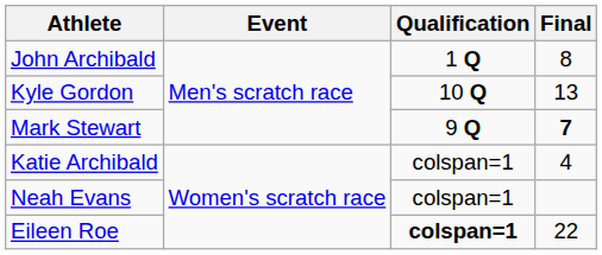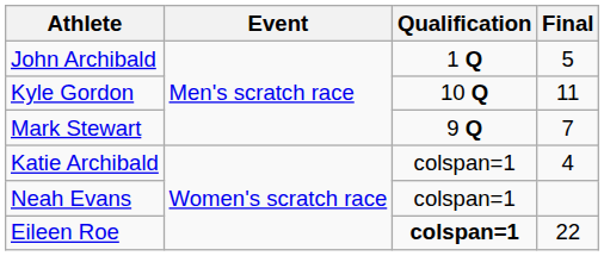 <table class="wikitable" style="font-size:90%;">
 <tr>
 <th>Athlete</th>
 <th>Event</th>
 <th>Qualification</th>
 <th>Final</th>
 </tr>
 <tr align=center>
 <td align=left><a href='#'>John Archibald</a></td>
 <td style="text-align:left;" rowspan="3"><a href='#'>Men's scratch race</a></td>
 <td>1 <strong>Q</strong></td>
-<td>8</td>
+<td>5</td>
 </tr>
 <tr align=center>
 <td align=left><a href='#'>Kyle Gordon</a></td>
 <td>10 <strong>Q</strong></td>
-<td>13</td>
+<td>11</td>
 </tr>
 <tr align=center>
 <td align=left><a href='#'>Mark Stewart</a></td>
 <td>9 <strong>Q</strong></td>
-<td><strong>7</strong></td>
+<td>7</td>
 </tr>
 <tr align=center>
 <td align=left><a href='#'>Katie Archibald</a></td>
 <td style="text-align:left;" rowspan="3"><a href='#'>Women's scratch race</a></td>
 <td>colspan=1 </td>
 <td>4</td>
 </tr>
 <tr align=center>
 <td align=left><a href='#'>Neah Evans</a></td>
 <td>colspan=1 </td>
 <td></td>
 </tr>
 <tr align=center>
 <td align=left><a href='#'>Eileen Roe</a></td>
 <td><strong>colspan=1 </strong></td>
 <td>22</td>
 </tr>
 </table>
